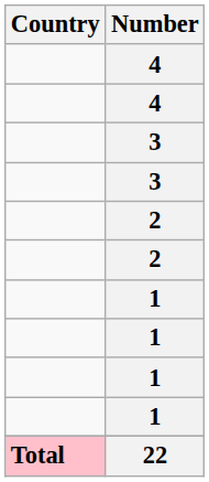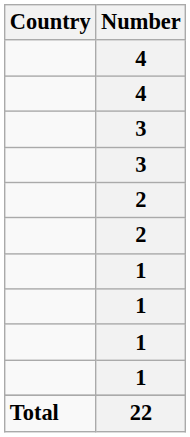 <table class="wikitable sortable floatright">
 <tr>
 <th>Country</th>
 <th>Number</th>
 </tr>
 <tr>
 <td></td>
 <th>4</th>
 </tr>
 <tr>
 <td></td>
 <th>4</th>
 </tr>
 <tr>
 <td></td>
 <th>3</th>
 </tr>
 <tr>
 <td></td>
 <th>3</th>
 </tr>
 <tr>
 <td></td>
 <th>2</th>
 </tr>
 <tr>
 <td></td>
 <th>2</th>
 </tr>
 <tr>
 <td></td>
 <th>1</th>
 </tr>
 <tr>
 <td></td>
 <th>1</th>
 </tr>
 <tr>
 <td></td>
 <th>1</th>
 </tr>
 <tr>
 <td></td>
 <th>1</th>
 </tr>
 <tr>
 </tr>
 <tr class="sortbottom">
-<td style="background: pink;"><strong>Total</strong></td>
+<td><strong>Total</strong></td>
 <th>22</th>
 </tr>
 </table>
